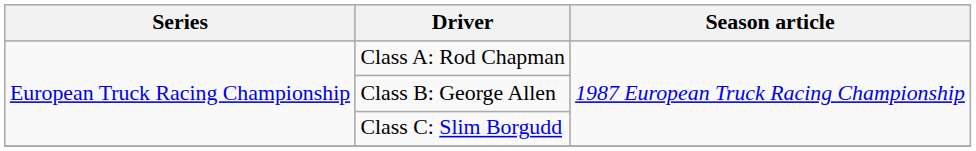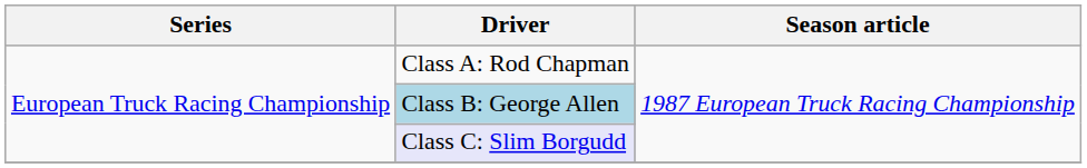 <table class="wikitable" style="font-size: 87%;">
 <tr>
 <th>Series</th>
 <th>Driver</th>
 <th>Season article</th>
 </tr>
 <tr>
 <td rowspan=3><a href='#'>European Truck Racing Championship</a></td>
 <td>Class A:  Rod Chapman</td>
 <td rowspan=3><em><a href='#'>1987 European Truck Racing Championship</a></em></td>
 </tr>
 <tr>
-<td>Class B:  George Allen</td>
+<td style="background: lightblue;">Class B:  George Allen</td>
 </tr>
 <tr>
-<td>Class C:  <a href='#'>Slim Borgudd</a></td>
+<td style="background: lavender;">Class C:  <a href='#'>Slim Borgudd</a></td>
 </tr>
 <tr>
 </tr>
 </table>
